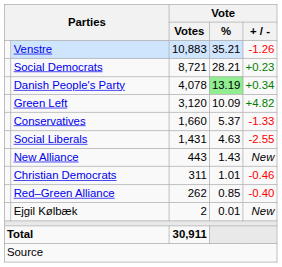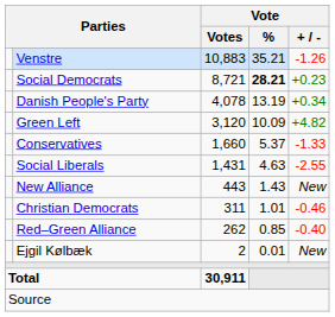 <table class="wikitable" style="text-align:right;">
 <tr>
 <th style="text-align:centre;" rowspan="2" colspan="2" width="225">Parties</th>
 <th colspan="3">Vote</th>
 </tr>
 <tr>
 <th width="15">Votes</th>
 <th width="15">%</th>
 <th width="15">+ / -</th>
 </tr>
 <tr>
 <td width="2" style="color:inherit;background:"></td>
 <td bgcolor=#cfe5fe  align="left"><a href='#'>Venstre</a></td>
 <td bgcolor=#cfe5fe>10,883</td>
 <td bgcolor=#cfe5fe>35.21</td>
 <td style=color:red;>-1.26</td>
 </tr>
 <tr>
 <td width="2" style="color:inherit;background:"></td>
 <td align="left"><a href='#'>Social Democrats</a></td>
 <td>8,721</td>
-<td>28.21</td>
+<td><strong>28.21</strong></td>
 <td style=color:green;>+0.23</td>
 </tr>
 <tr>
 <td width="2" style="color:inherit;background:"></td>
 <td align="left"><a href='#'>Danish People's Party</a></td>
 <td>4,078</td>
-<td style="background: lightgreen;">13.19</td>
+<td>13.19</td>
 <td style=color:green;>+0.34</td>
 </tr>
 <tr>
 <td width="2" style="color:inherit;background:"></td>
 <td align="left"><a href='#'>Green Left</a></td>
 <td>3,120</td>
 <td>10.09</td>
 <td style=color:green;>+4.82</td>
 </tr>
 <tr>
 <td width="2" style="color:inherit;background:"></td>
 <td align="left"><a href='#'>Conservatives</a></td>
 <td>1,660</td>
 <td>5.37</td>
 <td style=color:red;>-1.33</td>
 </tr>
 <tr>
 <td width="2" style="color:inherit;background:"></td>
 <td align="left"><a href='#'>Social Liberals</a></td>
 <td>1,431</td>
 <td>4.63</td>
 <td style=color:red;>-2.55</td>
 </tr>
 <tr>
 <td width="2" style="color:inherit;background:"></td>
 <td align="left"><a href='#'>New Alliance</a></td>
 <td>443</td>
 <td>1.43</td>
 <td><em>New</em></td>
 </tr>
 <tr>
 <td width="2" style="color:inherit;background:"></td>
 <td align="left"><a href='#'>Christian Democrats</a></td>
 <td>311</td>
 <td>1.01</td>
 <td style=color:red;>-0.46</td>
 </tr>
 <tr>
 <td width="2" style="color:inherit;background:"></td>
 <td align="left"><a href='#'>Red–Green Alliance</a></td>
 <td>262</td>
 <td>0.85</td>
 <td style=color:red;>-0.40</td>
 </tr>
 <tr>
 <td width="2" style="color:inherit;background:"></td>
 <td align="left">Ejgil Kølbæk</td>
 <td>2</td>
 <td>0.01</td>
 <td><em>New</em></td>
 </tr>
 <tr>
 <td colspan="7" bgcolor="#E9E9E9"></td>
 </tr>
 <tr>
 <td align="left" colspan="2"><strong>Total</strong></td>
 <td><strong>30,911</strong></td>
 <td bgcolor="#E9E9E9" colspan="2"></td>
 </tr>
 <tr>
 <td align="left" colspan="6">Source</td>
 </tr>
 </table>
